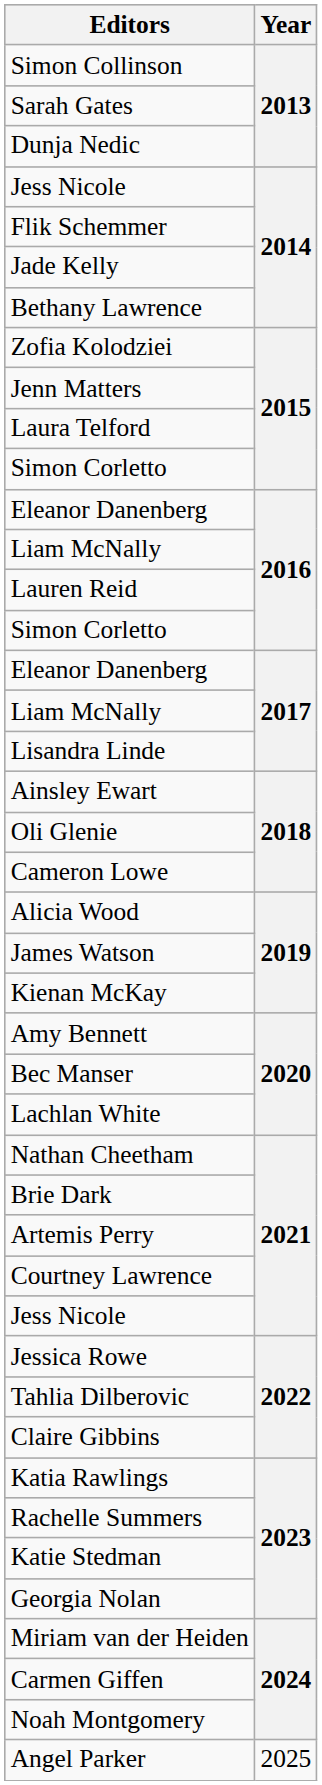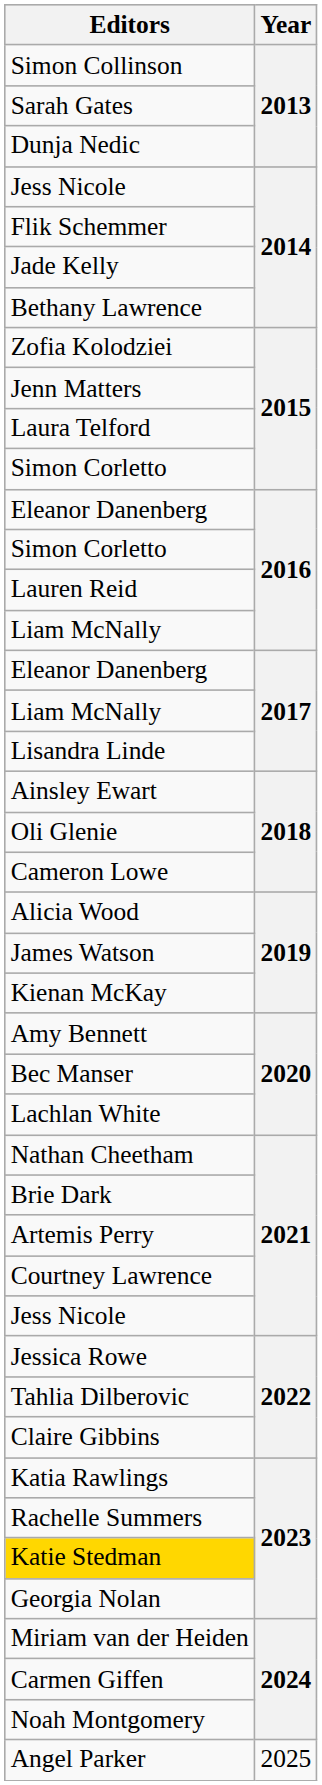 <table class="wikitable sortable mw-collapsible mw-collapsed">
 <tr>
 <th>Editors</th>
 <th>Year</th>
 </tr>
 <tr>
 <td>Simon Collinson</td>
 <th rowspan="3">2013</th>
 </tr>
 <tr>
 <td>Sarah Gates</td>
 </tr>
 <tr>
 <td>Dunja Nedic</td>
 </tr>
 <tr>
 <td>Jess Nicole</td>
 <th rowspan="4">2014</th>
 </tr>
 <tr>
 <td>Flik Schemmer</td>
 </tr>
 <tr>
 <td>Jade Kelly</td>
 </tr>
 <tr>
 <td>Bethany Lawrence</td>
 </tr>
 <tr>
 <td>Zofia Kolodziei</td>
 <th rowspan="4">2015</th>
 </tr>
 <tr>
 <td>Jenn Matters</td>
 </tr>
 <tr>
 <td>Laura Telford</td>
 </tr>
 <tr>
 <td>Simon Corletto</td>
 </tr>
 <tr>
 <td>Eleanor Danenberg</td>
 <th rowspan="4">2016</th>
 </tr>
 <tr>
-<td>Liam McNally</td>
+<td>Simon Corletto</td>
 </tr>
 <tr>
 <td>Lauren Reid</td>
 </tr>
 <tr>
-<td>Simon Corletto</td>
+<td>Liam McNally</td>
 </tr>
 <tr>
 <td>Eleanor Danenberg</td>
 <th rowspan="3">2017</th>
 </tr>
 <tr>
 <td>Liam McNally</td>
 </tr>
 <tr>
 <td>Lisandra Linde</td>
 </tr>
 <tr>
 <td>Ainsley Ewart</td>
 <th rowspan="3">2018</th>
 </tr>
 <tr>
 <td>Oli Glenie</td>
 </tr>
 <tr>
 <td>Cameron Lowe</td>
 </tr>
 <tr>
 <td>Alicia Wood</td>
 <th rowspan="3">2019</th>
 </tr>
 <tr>
 <td>James Watson</td>
 </tr>
 <tr>
 <td>Kienan McKay</td>
 </tr>
 <tr>
 <td>Amy Bennett</td>
 <th rowspan="3">2020</th>
 </tr>
 <tr>
 <td>Bec Manser</td>
 </tr>
 <tr>
 <td>Lachlan White</td>
 </tr>
 <tr>
 <td>Nathan Cheetham</td>
 <th rowspan="5">2021</th>
 </tr>
 <tr>
 <td>Brie Dark</td>
 </tr>
 <tr>
 <td>Artemis Perry</td>
 </tr>
 <tr>
 <td>Courtney Lawrence</td>
 </tr>
 <tr>
 <td>Jess Nicole</td>
 </tr>
 <tr>
 <td>Jessica Rowe</td>
 <th rowspan="3">2022</th>
 </tr>
 <tr>
 <td>Tahlia Dilberovic</td>
 </tr>
 <tr>
 <td>Claire Gibbins</td>
 </tr>
 <tr>
 <td>Katia Rawlings</td>
 <th rowspan="4">2023</th>
 </tr>
 <tr>
 <td>Rachelle Summers</td>
 </tr>
 <tr>
-<td>Katie Stedman</td>
+<td style="background: gold;">Katie Stedman</td>
 </tr>
 <tr>
 <td>Georgia Nolan</td>
 </tr>
 <tr>
 <td>Miriam van der Heiden</td>
 <th rowspan="3">2024</th>
 </tr>
 <tr>
 <td>Carmen Giffen</td>
 </tr>
 <tr>
 <td>Noah Montgomery</td>
 </tr>
 <tr>
 <td>Angel Parker</td>
 <td>2025</td>
 </tr>
 </table>
